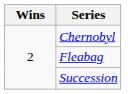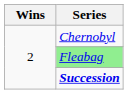 <table class="wikitable">
 <tr>
 <th scope="col" style="width:55px;">Wins</th>
 <th scope="col" style="text-align:center;">Series</th>
 </tr>
 <tr>
 <td rowspan="3" style="text-align:center">2</td>
 <td><em><a href='#'>Chernobyl</a></em></td>
 </tr>
 <tr>
-<td><em><a href='#'>Fleabag</a></em></td>
+<td style="background: lightgreen;"><em><a href='#'>Fleabag</a></em></td>
 </tr>
 <tr>
-<td><em><a href='#'>Succession</a></em></td>
+<td><strong><em><a href='#'>Succession</a></em></strong></td>
 </tr>
 </table>
